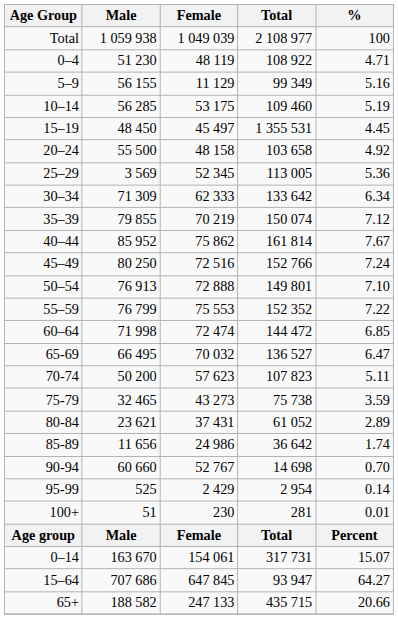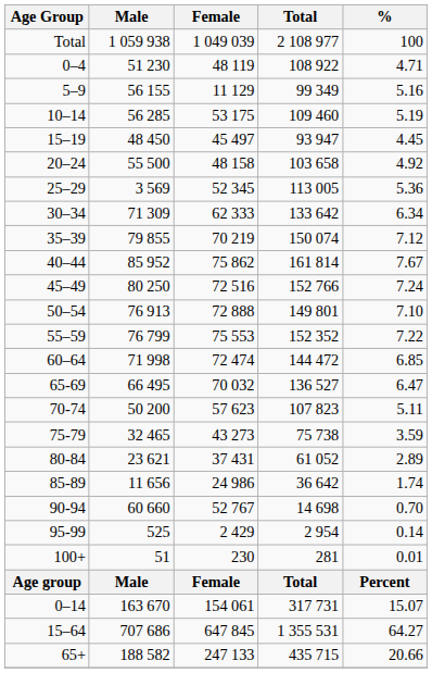 <table class="wikitable">
 <tr>
 <th width="80pt">Age Group</th>
 <th width="80pt">Male</th>
 <th width="80pt">Female</th>
 <th width="80pt">Total</th>
 <th width="80pt">%</th>
 </tr>
 <tr>
 <td align="right">Total</td>
 <td align="right">1 059 938</td>
 <td align="right">1 049 039</td>
 <td align="right">2 108 977</td>
 <td align="right">100</td>
 </tr>
 <tr>
 <td align="right">0–4</td>
 <td align="right">51 230</td>
 <td align="right">48 119</td>
 <td align="right">108 922</td>
 <td align="right">4.71</td>
 </tr>
 <tr>
 <td align="right">5–9</td>
 <td align="right">56 155</td>
 <td align="right">11 129</td>
 <td align="right">99 349</td>
 <td align="right">5.16</td>
 </tr>
 <tr>
 <td align="right">10–14</td>
 <td align="right">56 285</td>
 <td align="right">53 175</td>
 <td align="right">109 460</td>
 <td align="right">5.19</td>
 </tr>
 <tr>
 <td align="right">15–19</td>
 <td align="right">48 450</td>
 <td align="right">45 497</td>
-<td align="right">1 355 531</td>
+<td align="right">93 947</td>
 <td align="right">4.45</td>
 </tr>
 <tr>
 <td align="right">20–24</td>
 <td align="right">55 500</td>
 <td align="right">48 158</td>
 <td align="right">103 658</td>
 <td align="right">4.92</td>
 </tr>
 <tr>
 <td align="right">25–29</td>
 <td align="right">3 569</td>
 <td align="right">52 345</td>
 <td align="right">113 005</td>
 <td align="right">5.36</td>
 </tr>
 <tr>
 <td align="right">30–34</td>
 <td align="right">71 309</td>
 <td align="right">62 333</td>
 <td align="right">133 642</td>
 <td align="right">6.34</td>
 </tr>
 <tr>
 <td align="right">35–39</td>
 <td align="right">79 855</td>
 <td align="right">70 219</td>
 <td align="right">150 074</td>
 <td align="right">7.12</td>
 </tr>
 <tr>
 <td align="right">40–44</td>
 <td align="right">85 952</td>
 <td align="right">75 862</td>
 <td align="right">161 814</td>
 <td align="right">7.67</td>
 </tr>
 <tr>
 <td align="right">45–49</td>
 <td align="right">80 250</td>
 <td align="right">72 516</td>
 <td align="right">152 766</td>
 <td align="right">7.24</td>
 </tr>
 <tr>
 <td align="right">50–54</td>
 <td align="right">76 913</td>
 <td align="right">72 888</td>
 <td align="right">149 801</td>
 <td align="right">7.10</td>
 </tr>
 <tr>
 <td align="right">55–59</td>
 <td align="right">76 799</td>
 <td align="right">75 553</td>
 <td align="right">152 352</td>
 <td align="right">7.22</td>
 </tr>
 <tr>
 <td align="right">60–64</td>
 <td align="right">71 998</td>
 <td align="right">72 474</td>
 <td align="right">144 472</td>
 <td align="right">6.85</td>
 </tr>
 <tr>
 <td align="right">65-69</td>
 <td align="right">66 495</td>
 <td align="right">70 032</td>
 <td align="right">136 527</td>
 <td align="right">6.47</td>
 </tr>
 <tr>
 <td align="right">70-74</td>
 <td align="right">50 200</td>
 <td align="right">57 623</td>
 <td align="right">107 823</td>
 <td align="right">5.11</td>
 </tr>
 <tr>
 <td align="right">75-79</td>
 <td align="right">32 465</td>
 <td align="right">43 273</td>
 <td align="right">75 738</td>
 <td align="right">3.59</td>
 </tr>
 <tr>
 <td align="right">80-84</td>
 <td align="right">23 621</td>
 <td align="right">37 431</td>
 <td align="right">61 052</td>
 <td align="right">2.89</td>
 </tr>
 <tr>
 <td align="right">85-89</td>
 <td align="right">11 656</td>
 <td align="right">24 986</td>
 <td align="right">36 642</td>
 <td align="right">1.74</td>
 </tr>
 <tr>
 <td align="right">90-94</td>
 <td align="right">60 660</td>
 <td align="right">52 767</td>
 <td align="right">14 698</td>
 <td align="right">0.70</td>
 </tr>
 <tr>
 <td align="right">95-99</td>
 <td align="right">525</td>
 <td align="right">2 429</td>
 <td align="right">2 954</td>
 <td align="right">0.14</td>
 </tr>
 <tr>
 <td align="right">100+</td>
 <td align="right">51</td>
 <td align="right">230</td>
 <td align="right">281</td>
 <td align="right">0.01</td>
 </tr>
 <tr>
 <th width="50">Age group</th>
 <th width="80pt">Male</th>
 <th width="80">Female</th>
 <th width="80">Total</th>
 <th width="50">Percent</th>
 </tr>
 <tr>
 <td align="right">0–14</td>
 <td align="right">163 670</td>
 <td align="right">154 061</td>
 <td align="right">317 731</td>
 <td align="right">15.07</td>
 </tr>
 <tr>
 <td align="right">15–64</td>
 <td align="right">707 686</td>
 <td align="right">647 845</td>
-<td align="right">93 947</td>
+<td align="right">1 355 531</td>
 <td align="right">64.27</td>
 </tr>
 <tr>
 <td align="right">65+</td>
 <td align="right">188 582</td>
 <td align="right">247 133</td>
 <td align="right">435 715</td>
 <td align="right">20.66</td>
 </tr>
 <tr>
 </tr>
 </table>
